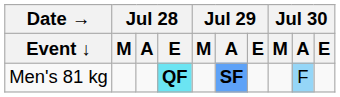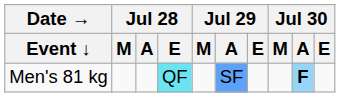 <table class="wikitable" style="margin:0.5em auto;">
 <tr>
 <th>Date →</th>
 <th colspan="3">Jul 28</th>
 <th colspan="3">Jul 29</th>
 <th colspan="3">Jul 30</th>
 </tr>
 <tr>
 <th>Event  ↓</th>
 <th>M</th>
 <th>A</th>
 <th>E</th>
 <th>M</th>
 <th>A</th>
 <th>E</th>
 <th>M</th>
 <th>A</th>
 <th>E</th>
 </tr>
 <tr>
 <td class="event">Men's 81 kg</td>
 <td></td>
 <td></td>
-<td bgcolor="#6be4f2" align=center><strong>QF</strong></td>
+<td bgcolor="#6be4f2" align=center>QF</td>
 <td></td>
-<td bgcolor="#5ea2f7" align=center><strong>SF</strong></td>
+<td bgcolor="#5ea2f7" align=center>SF</td>
 <td></td>
 <td></td>
-<td bgcolor="#95d6f7" align=center>F</td>
+<td bgcolor="#95d6f7" align=center><strong>F</strong></td>
 <td></td>
 </tr>
 </table>
